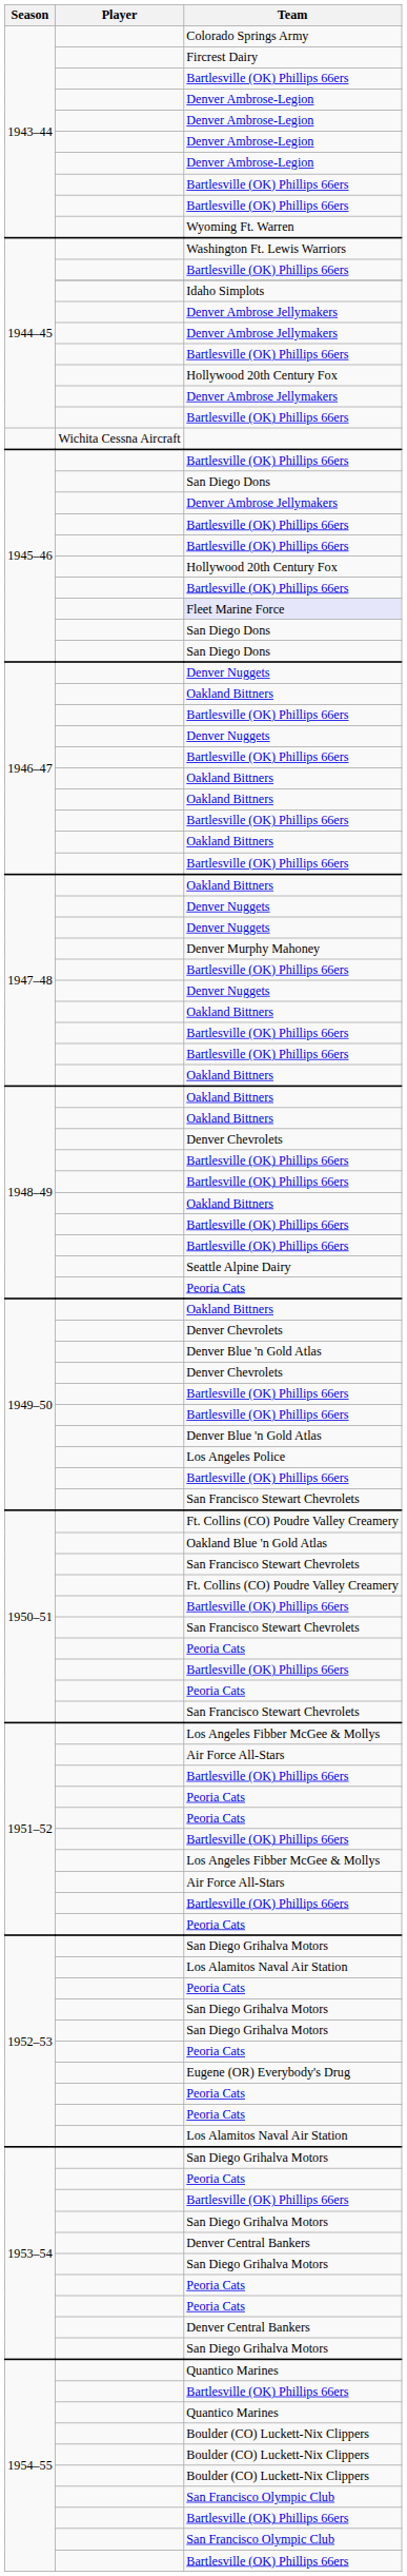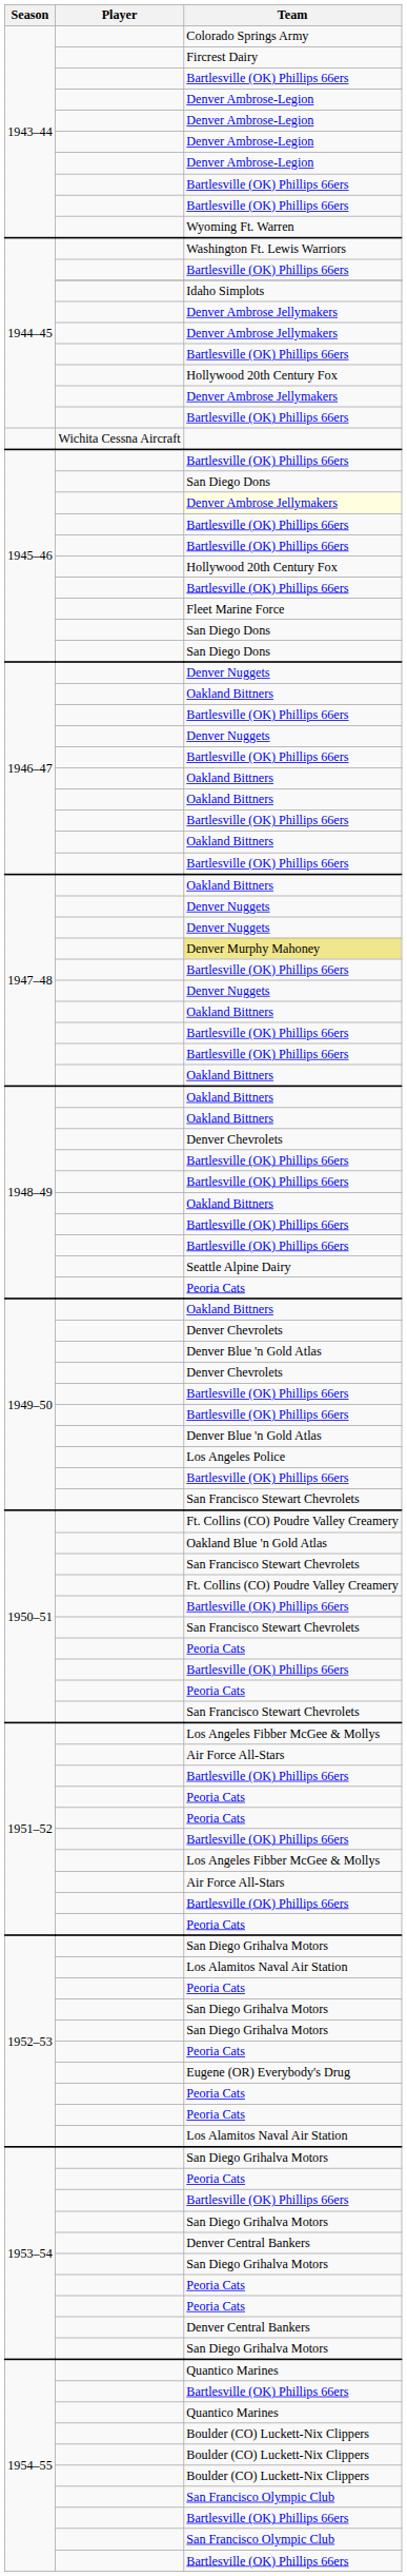 <table class="wikitable"  style="font-size:95%">
 <tr>
 <th>Season</th>
 <th>Player</th>
 <th>Team</th>
 </tr>
 <tr align=center>
 <td rowspan=10>1943–44</td>
 <td></td>
 <td align=left>Colorado Springs Army</td>
 </tr>
 <tr align=center>
 <td></td>
 <td align=left>Fircrest Dairy</td>
 </tr>
 <tr align=center>
 <td></td>
 <td align=left><a href='#'>Bartlesville (OK) Phillips 66ers</a></td>
 </tr>
 <tr align=center>
 <td></td>
 <td align=left><a href='#'>Denver Ambrose-Legion</a></td>
 </tr>
 <tr align=center>
 <td></td>
 <td align=left><a href='#'>Denver Ambrose-Legion</a></td>
 </tr>
 <tr align=center>
 <td></td>
 <td align=left><a href='#'>Denver Ambrose-Legion</a></td>
 </tr>
 <tr align=center>
 <td></td>
 <td align=left><a href='#'>Denver Ambrose-Legion</a></td>
 </tr>
 <tr align=center>
 <td></td>
 <td align=left><a href='#'>Bartlesville (OK) Phillips 66ers</a></td>
 </tr>
 <tr align=center>
 <td></td>
 <td align=left><a href='#'>Bartlesville (OK) Phillips 66ers</a></td>
 </tr>
 <tr align=center>
 <td></td>
 <td align=left>Wyoming Ft. Warren</td>
 </tr>
 <tr style="border-top:2px solid black" align=center>
 <td rowspan=10>1944–45</td>
 <td></td>
 <td align=left>Washington Ft. Lewis Warriors</td>
 </tr>
 <tr align=center>
 <td></td>
 <td align=left><a href='#'>Bartlesville (OK) Phillips 66ers</a></td>
 </tr>
 <tr align=center>
 </tr>
 <tr align=center>
 <td></td>
 <td align=left>Idaho Simplots</td>
 </tr>
 <tr align=center>
 <td></td>
 <td align=left><a href='#'>Denver Ambrose Jellymakers</a></td>
 </tr>
 <tr align=center>
 <td></td>
 <td align=left><a href='#'>Denver Ambrose Jellymakers</a></td>
 </tr>
 <tr align=center>
 <td></td>
 <td align=left><a href='#'>Bartlesville (OK) Phillips 66ers</a></td>
 </tr>
 <tr align=center>
 <td></td>
 <td align=left>Hollywood 20th Century Fox</td>
 </tr>
 <tr align=center>
 <td></td>
 <td align=left><a href='#'>Denver Ambrose Jellymakers</a></td>
 </tr>
 <tr align=center>
 <td></td>
 <td align=left><a href='#'>Bartlesville (OK) Phillips 66ers</a></td>
 </tr>
 <tr align=center>
 <td></td>
 <td align=left>Wichita Cessna Aircraft</td>
 </tr>
 <tr style="border-top:2px solid black" align=center>
 <td rowspan=10>1945–46</td>
 <td></td>
 <td align=left><a href='#'>Bartlesville (OK) Phillips 66ers</a></td>
 </tr>
 <tr align=center>
 <td></td>
 <td align=left>San Diego Dons</td>
 </tr>
 <tr align=center>
 <td></td>
-<td align=left><a href='#'>Denver Ambrose Jellymakers</a></td>
+<td align=left style="background: lightyellow;"><a href='#'>Denver Ambrose Jellymakers</a></td>
 </tr>
 <tr align=center>
 <td></td>
 <td align=left><a href='#'>Bartlesville (OK) Phillips 66ers</a></td>
 </tr>
 <tr align=center>
 <td></td>
 <td align=left><a href='#'>Bartlesville (OK) Phillips 66ers</a></td>
 </tr>
 <tr align=center>
 <td></td>
 <td align=left>Hollywood 20th Century Fox</td>
 </tr>
 <tr align=center>
 <td></td>
 <td align=left><a href='#'>Bartlesville (OK) Phillips 66ers</a></td>
 </tr>
 <tr align=center>
 <td></td>
-<td align=left style="background: lavender;">Fleet Marine Force</td>
+<td align=left>Fleet Marine Force</td>
 </tr>
 <tr align=center>
 <td></td>
 <td align=left>San Diego Dons</td>
 </tr>
 <tr align=center>
 <td></td>
 <td align=left>San Diego Dons</td>
 </tr>
 <tr style="border-top:2px solid black" align=center>
 <td rowspan=10>1946–47</td>
 <td></td>
 <td align=left><a href='#'>Denver Nuggets</a></td>
 </tr>
 <tr align=center>
 <td></td>
 <td align=left><a href='#'>Oakland Bittners</a></td>
 </tr>
 <tr align=center>
 <td></td>
 <td align=left><a href='#'>Bartlesville (OK) Phillips 66ers</a></td>
 </tr>
 <tr align=center>
 <td></td>
 <td align=left><a href='#'>Denver Nuggets</a></td>
 </tr>
 <tr align=center>
 <td></td>
 <td align=left><a href='#'>Bartlesville (OK) Phillips 66ers</a></td>
 </tr>
 <tr align=center>
 <td></td>
 <td align=left><a href='#'>Oakland Bittners</a></td>
 </tr>
 <tr align=center>
 <td></td>
 <td align=left><a href='#'>Oakland Bittners</a></td>
 </tr>
 <tr align=center>
 <td></td>
 <td align=left><a href='#'>Bartlesville (OK) Phillips 66ers</a></td>
 </tr>
 <tr align=center>
 <td></td>
 <td align=left><a href='#'>Oakland Bittners</a></td>
 </tr>
 <tr align=center>
 <td></td>
 <td align=left><a href='#'>Bartlesville (OK) Phillips 66ers</a></td>
 </tr>
 <tr style="border-top:2px solid black" align=center>
 <td rowspan=10>1947–48</td>
 <td></td>
 <td align=left><a href='#'>Oakland Bittners</a></td>
 </tr>
 <tr align=center>
 <td></td>
 <td align=left><a href='#'>Denver Nuggets</a></td>
 </tr>
 <tr align=center>
 <td></td>
 <td align=left><a href='#'>Denver Nuggets</a></td>
 </tr>
 <tr align=center>
 <td></td>
-<td align=left>Denver Murphy Mahoney</td>
+<td align=left style="background: khaki;">Denver Murphy Mahoney</td>
 </tr>
 <tr align=center>
 <td></td>
 <td align=left><a href='#'>Bartlesville (OK) Phillips 66ers</a></td>
 </tr>
 <tr align=center>
 <td></td>
 <td align=left><a href='#'>Denver Nuggets</a></td>
 </tr>
 <tr align=center>
 <td></td>
 <td align=left><a href='#'>Oakland Bittners</a></td>
 </tr>
 <tr align=center>
 <td></td>
 <td align=left><a href='#'>Bartlesville (OK) Phillips 66ers</a></td>
 </tr>
 <tr align=center>
 <td></td>
 <td align=left><a href='#'>Bartlesville (OK) Phillips 66ers</a></td>
 </tr>
 <tr align=center>
 <td></td>
 <td align=left><a href='#'>Oakland Bittners</a></td>
 </tr>
 <tr style="border-top:2px solid black" align=center>
 <td rowspan=10>1948–49</td>
 <td></td>
 <td align=left><a href='#'>Oakland Bittners</a></td>
 </tr>
 <tr align=center>
 <td></td>
 <td align=left><a href='#'>Oakland Bittners</a></td>
 </tr>
 <tr align=center>
 <td></td>
 <td align=left>Denver Chevrolets</td>
 </tr>
 <tr align=center>
 <td></td>
 <td align=left><a href='#'>Bartlesville (OK) Phillips 66ers</a></td>
 </tr>
 <tr align=center>
 <td></td>
 <td align=left><a href='#'>Bartlesville (OK) Phillips 66ers</a></td>
 </tr>
 <tr align=center>
 <td></td>
 <td align=left><a href='#'>Oakland Bittners</a></td>
 </tr>
 <tr align=center>
 <td></td>
 <td align=left><a href='#'>Bartlesville (OK) Phillips 66ers</a></td>
 </tr>
 <tr align=center>
 <td></td>
 <td align=left><a href='#'>Bartlesville (OK) Phillips 66ers</a></td>
 </tr>
 <tr align=center>
 <td></td>
 <td align=left>Seattle Alpine Dairy</td>
 </tr>
 <tr align=center>
 <td></td>
 <td align=left><a href='#'>Peoria Cats</a></td>
 </tr>
 <tr style="border-top:2px solid black" align=center>
 <td rowspan=10>1949–50</td>
 <td></td>
 <td align=left><a href='#'>Oakland Bittners</a></td>
 </tr>
 <tr align=center>
 <td></td>
 <td align=left>Denver Chevrolets</td>
 </tr>
 <tr align=center>
 <td></td>
 <td align=left>Denver Blue 'n Gold Atlas</td>
 </tr>
 <tr align=center>
 <td></td>
 <td align=left>Denver Chevrolets</td>
 </tr>
 <tr align=center>
 <td></td>
 <td align=left><a href='#'>Bartlesville (OK) Phillips 66ers</a></td>
 </tr>
 <tr align=center>
 <td></td>
 <td align=left><a href='#'>Bartlesville (OK) Phillips 66ers</a></td>
 </tr>
 <tr align=center>
 <td></td>
 <td align=left>Denver Blue 'n Gold Atlas</td>
 </tr>
 <tr align=center>
 <td></td>
 <td align=left>Los Angeles Police</td>
 </tr>
 <tr align=center>
 <td></td>
 <td align=left><a href='#'>Bartlesville (OK) Phillips 66ers</a></td>
 </tr>
 <tr align=center>
 <td></td>
 <td align=left>San Francisco Stewart Chevrolets</td>
 </tr>
 <tr style="border-top:2px solid black" align=center>
 <td rowspan=10>1950–51</td>
 <td></td>
 <td align=left>Ft. Collins (CO) Poudre Valley Creamery</td>
 </tr>
 <tr align=center>
 <td></td>
 <td align=left>Oakland Blue 'n Gold Atlas</td>
 </tr>
 <tr align=center>
 <td></td>
 <td align=left>San Francisco Stewart Chevrolets</td>
 </tr>
 <tr align=center>
 <td></td>
 <td align=left>Ft. Collins (CO) Poudre Valley Creamery</td>
 </tr>
 <tr align=center>
 <td></td>
 <td align=left><a href='#'>Bartlesville (OK) Phillips 66ers</a></td>
 </tr>
 <tr align=center>
 <td></td>
 <td align=left>San Francisco Stewart Chevrolets</td>
 </tr>
 <tr align=center>
 <td></td>
 <td align=left><a href='#'>Peoria Cats</a></td>
 </tr>
 <tr align=center>
 <td></td>
 <td align=left><a href='#'>Bartlesville (OK) Phillips 66ers</a></td>
 </tr>
 <tr align=center>
 <td></td>
 <td align=left><a href='#'>Peoria Cats</a></td>
 </tr>
 <tr align=center>
 <td></td>
 <td align=left>San Francisco Stewart Chevrolets</td>
 </tr>
 <tr style="border-top:2px solid black" align=center>
 <td rowspan=10>1951–52</td>
 <td></td>
 <td align=left>Los Angeles Fibber McGee & Mollys</td>
 </tr>
 <tr align=center>
 <td></td>
 <td align=left>Air Force All-Stars</td>
 </tr>
 <tr align=center>
 <td></td>
 <td align=left><a href='#'>Bartlesville (OK) Phillips 66ers</a></td>
 </tr>
 <tr align=center>
 <td></td>
 <td align=left><a href='#'>Peoria Cats</a></td>
 </tr>
 <tr align=center>
 <td></td>
 <td align=left><a href='#'>Peoria Cats</a></td>
 </tr>
 <tr align=center>
 <td></td>
 <td align=left><a href='#'>Bartlesville (OK) Phillips 66ers</a></td>
 </tr>
 <tr align=center>
 <td></td>
 <td align=left>Los Angeles Fibber McGee & Mollys</td>
 </tr>
 <tr align=center>
 <td></td>
 <td align=left>Air Force All-Stars</td>
 </tr>
 <tr align=center>
 <td></td>
 <td align=left><a href='#'>Bartlesville (OK) Phillips 66ers</a></td>
 </tr>
 <tr align=center>
 <td></td>
 <td align=left><a href='#'>Peoria Cats</a></td>
 </tr>
 <tr style="border-top:2px solid black" align=center>
 <td rowspan=10>1952–53</td>
 <td></td>
 <td align=left>San Diego Grihalva Motors</td>
 </tr>
 <tr align=center>
 <td></td>
 <td align=left>Los Alamitos Naval Air Station</td>
 </tr>
 <tr align=center>
 <td></td>
 <td align=left><a href='#'>Peoria Cats</a></td>
 </tr>
 <tr align=center>
 <td></td>
 <td align=left>San Diego Grihalva Motors</td>
 </tr>
 <tr align=center>
 <td></td>
 <td align=left>San Diego Grihalva Motors</td>
 </tr>
 <tr align=center>
 <td></td>
 <td align=left><a href='#'>Peoria Cats</a></td>
 </tr>
 <tr align=center>
 <td></td>
 <td align=left>Eugene (OR) Everybody's Drug</td>
 </tr>
 <tr align=center>
 <td></td>
 <td align=left><a href='#'>Peoria Cats</a></td>
 </tr>
 <tr align=center>
 <td></td>
 <td align=left><a href='#'>Peoria Cats</a></td>
 </tr>
 <tr align=center>
 <td></td>
 <td align=left>Los Alamitos Naval Air Station</td>
 </tr>
 <tr style="border-top:2px solid black" align=center>
 <td rowspan=10>1953–54</td>
 <td></td>
 <td align=left>San Diego Grihalva Motors</td>
 </tr>
 <tr align=center>
 <td></td>
 <td align=left><a href='#'>Peoria Cats</a></td>
 </tr>
 <tr align=center>
 <td></td>
 <td align=left><a href='#'>Bartlesville (OK) Phillips 66ers</a></td>
 </tr>
 <tr align=center>
 <td></td>
 <td align=left>San Diego Grihalva Motors</td>
 </tr>
 <tr align=center>
 <td></td>
 <td align=left>Denver Central Bankers</td>
 </tr>
 <tr align=center>
 <td></td>
 <td align=left>San Diego Grihalva Motors</td>
 </tr>
 <tr align=center>
 <td></td>
 <td align=left><a href='#'>Peoria Cats</a></td>
 </tr>
 <tr align=center>
 <td></td>
 <td align=left><a href='#'>Peoria Cats</a></td>
 </tr>
 <tr align=center>
 <td></td>
 <td align=left>Denver Central Bankers</td>
 </tr>
 <tr align=center>
 <td></td>
 <td align=left>San Diego Grihalva Motors</td>
 </tr>
 <tr style="border-top:2px solid black" align=center>
 <td rowspan=10>1954–55</td>
 <td></td>
 <td align=left>Quantico Marines</td>
 </tr>
 <tr align=center>
 <td></td>
 <td align=left><a href='#'>Bartlesville (OK) Phillips 66ers</a></td>
 </tr>
 <tr align=center>
 <td></td>
 <td align=left>Quantico Marines</td>
 </tr>
 <tr align=center>
 <td></td>
 <td align=left>Boulder (CO) Luckett-Nix Clippers</td>
 </tr>
 <tr align=center>
 <td></td>
 <td align=left>Boulder (CO) Luckett-Nix Clippers</td>
 </tr>
 <tr align=center>
 <td></td>
 <td align=left>Boulder (CO) Luckett-Nix Clippers</td>
 </tr>
 <tr align=center>
 <td></td>
 <td align=left><a href='#'>San Francisco Olympic Club</a></td>
 </tr>
 <tr align=center>
 <td></td>
 <td align=left><a href='#'>Bartlesville (OK) Phillips 66ers</a></td>
 </tr>
 <tr align=center>
 <td></td>
 <td align=left><a href='#'>San Francisco Olympic Club</a></td>
 </tr>
 <tr align=center>
 <td></td>
 <td align=left><a href='#'>Bartlesville (OK) Phillips 66ers</a></td>
 </tr>
 </table>
